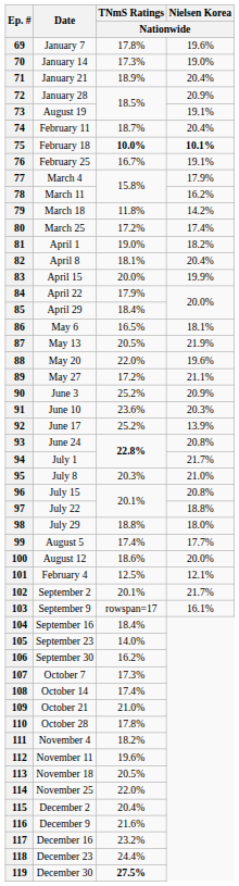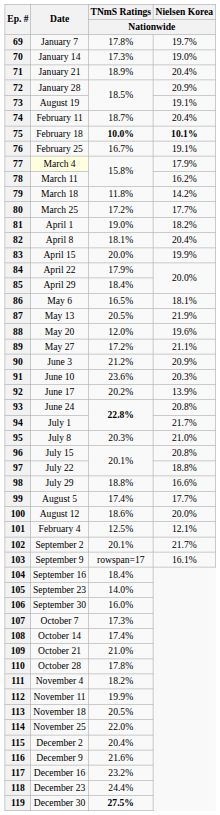 <table class="wikitable" style="text-align:center;max-width:650px; margin-left: auto; margin-right: auto; border: none;">
 <tr>
 </tr>
 <tr>
 <th rowspan=2>Ep. #</th>
 <th rowspan=2>Date</th>
 <th>TNmS Ratings</th>
 <th>Nielsen Korea</th>
 </tr>
 <tr>
 <th colspan=2>Nationwide</th>
 </tr>
 <tr>
 <th>69</th>
 <td>January 7</td>
 <td>17.8%</td>
-<td>19.6%</td>
+<td>19.7%</td>
 </tr>
 <tr>
 <th>70</th>
 <td>January 14</td>
 <td>17.3%</td>
 <td>19.0%</td>
 </tr>
 <tr>
 <th>71</th>
 <td>January 21</td>
 <td>18.9%</td>
 <td>20.4%</td>
 </tr>
 <tr>
 <th>72</th>
 <td>January 28</td>
 <td rowspan="2">18.5%</td>
 <td>20.9%</td>
 </tr>
 <tr>
 <th>73</th>
 <td>August 19</td>
 <td>19.1%</td>
 </tr>
 <tr>
 <th>74</th>
 <td>February 11</td>
 <td>18.7%</td>
 <td>20.4%</td>
 </tr>
 <tr>
 <th>75</th>
 <td>February 18</td>
 <td><span><strong>10.0%</strong></span></td>
 <td><span><strong>10.1%</strong></span></td>
 </tr>
 <tr>
 <th>76</th>
 <td>February 25</td>
 <td>16.7%</td>
 <td>19.1%</td>
 </tr>
 <tr>
 <th>77</th>
-<td>March 4</td>
+<td style="background: lightyellow;">March 4</td>
 <td rowspan="2">15.8%</td>
 <td>17.9%</td>
 </tr>
 <tr>
 <th>78</th>
 <td>March 11</td>
 <td>16.2%</td>
 </tr>
 <tr>
 <th>79</th>
 <td>March 18</td>
 <td>11.8%</td>
 <td>14.2%</td>
 </tr>
 <tr>
 <th>80</th>
 <td>March 25</td>
 <td>17.2%</td>
-<td>17.4%</td>
+<td>17.7%</td>
 </tr>
 <tr>
 <th>81</th>
 <td>April 1</td>
 <td>19.0%</td>
 <td>18.2%</td>
 </tr>
 <tr>
 <th>82</th>
 <td>April 8</td>
 <td>18.1%</td>
 <td>20.4%</td>
 </tr>
 <tr>
 <th>83</th>
 <td>April 15</td>
 <td>20.0%</td>
 <td>19.9%</td>
 </tr>
 <tr>
 <th>84</th>
 <td>April 22</td>
 <td>17.9%</td>
 <td rowspan="2">20.0%</td>
 </tr>
 <tr>
 <th>85</th>
 <td>April 29</td>
 <td>18.4%</td>
 </tr>
 <tr>
 <th>86</th>
 <td>May 6</td>
 <td>16.5%</td>
 <td>18.1%</td>
 </tr>
 <tr>
 <th>87</th>
 <td>May 13</td>
 <td>20.5%</td>
 <td>21.9%</td>
 </tr>
 <tr>
 <th>88</th>
 <td>May 20</td>
-<td>22.0%</td>
+<td>12.0%</td>
 <td>19.6%</td>
 </tr>
 <tr>
 <th>89</th>
 <td>May 27</td>
 <td>17.2%</td>
 <td>21.1%</td>
 </tr>
 <tr>
 <th>90</th>
 <td>June 3</td>
-<td>25.2%</td>
+<td>21.2%</td>
 <td>20.9%</td>
 </tr>
 <tr>
 <th>91</th>
 <td>June 10</td>
 <td>23.6%</td>
 <td>20.3%</td>
 </tr>
 <tr>
 <th>92</th>
 <td>June 17</td>
-<td>25.2%</td>
+<td>20.2%</td>
 <td>13.9%</td>
 </tr>
 <tr>
 <th>93</th>
 <td>June 24</td>
 <td rowspan="2"><span><strong>22.8%</strong></span></td>
 <td>20.8%</td>
 </tr>
 <tr>
 <th>94</th>
 <td>July 1</td>
 <td>21.7%</td>
 </tr>
 <tr>
 <th>95</th>
 <td>July 8</td>
 <td>20.3%</td>
 <td>21.0%</td>
 </tr>
 <tr>
 <th>96</th>
 <td>July 15</td>
 <td rowspan="2">20.1%</td>
 <td>20.8%</td>
 </tr>
 <tr>
 <th>97</th>
 <td>July 22</td>
 <td>18.8%</td>
 </tr>
 <tr>
 <th>98</th>
 <td>July 29</td>
 <td>18.8%</td>
-<td>18.0%</td>
+<td>16.6%</td>
 </tr>
 <tr>
 <th>99</th>
 <td>August 5</td>
 <td>17.4%</td>
 <td>17.7%</td>
 </tr>
 <tr>
 <th>100</th>
 <td>August 12</td>
 <td>18.6%</td>
 <td>20.0%</td>
 </tr>
 <tr>
 <th>101</th>
 <td>February 4</td>
 <td>12.5%</td>
 <td>12.1%</td>
 </tr>
 <tr>
 <th>102</th>
 <td>September 2</td>
 <td>20.1%</td>
 <td>21.7%</td>
 </tr>
 <tr>
 <th>103</th>
 <td>September 9</td>
 <td>rowspan=17 </td>
 <td>16.1%</td>
 </tr>
 <tr>
 <th>104</th>
 <td>September 16</td>
 <td>18.4%</td>
 </tr>
 <tr>
 <th>105</th>
 <td>September 23</td>
 <td>14.0%</td>
 </tr>
 <tr>
 <th>106</th>
 <td>September 30</td>
-<td>16.2%</td>
+<td>16.0%</td>
 </tr>
 <tr>
 <th>107</th>
 <td>October 7</td>
 <td>17.3%</td>
 </tr>
 <tr>
 <th>108</th>
 <td>October 14</td>
 <td>17.4%</td>
 </tr>
 <tr>
 <th>109</th>
 <td>October 21</td>
 <td>21.0%</td>
 </tr>
 <tr>
 <th>110</th>
 <td>October 28</td>
 <td>17.8%</td>
 </tr>
 <tr>
 <th>111</th>
 <td>November 4</td>
 <td>18.2%</td>
 </tr>
 <tr>
 <th>112</th>
 <td>November 11</td>
-<td>19.6%</td>
+<td>19.9%</td>
 </tr>
 <tr>
 <th>113</th>
 <td>November 18</td>
 <td>20.5%</td>
 </tr>
 <tr>
 <th>114</th>
 <td>November 25</td>
 <td>22.0%</td>
 </tr>
 <tr>
 <th>115</th>
 <td>December 2</td>
 <td>20.4%</td>
 </tr>
 <tr>
 <th>116</th>
 <td>December 9</td>
 <td>21.6%</td>
 </tr>
 <tr>
 <th>117</th>
 <td>December 16</td>
 <td>23.2%</td>
 </tr>
 <tr>
 <th>118</th>
 <td>December 23</td>
 <td>24.4%</td>
 </tr>
 <tr>
 <th>119</th>
 <td>December 30</td>
 <td><span><strong>27.5%</strong></span></td>
 </tr>
 </table>
